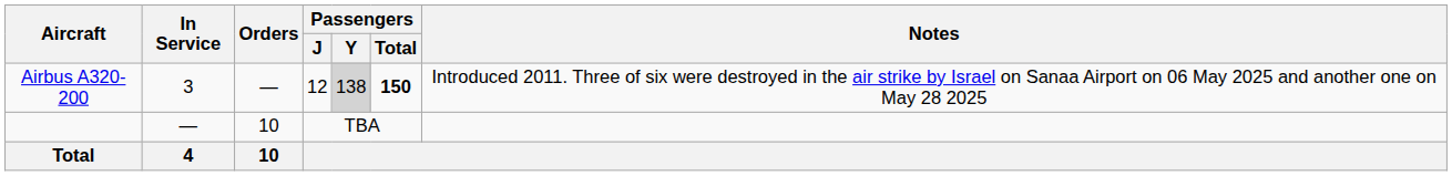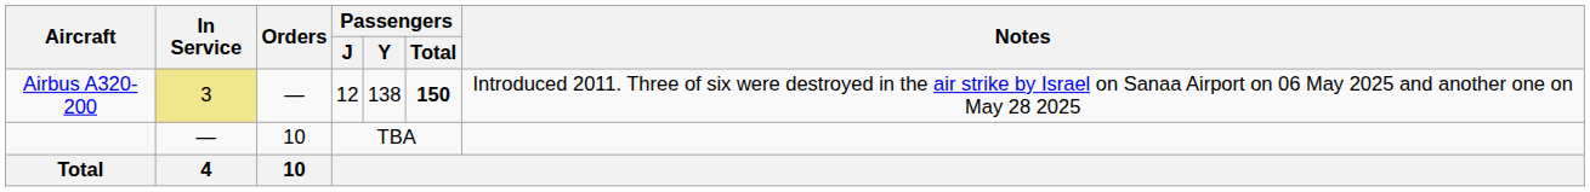 <table class="wikitable" style="border-collapse:collapse;text-align:center;margin:auto;">
 <tr>
 <th rowspan="2">Aircraft</th>
 <th rowspan="2">In Service</th>
 <th rowspan="2">Orders</th>
 <th colspan="3">Passengers</th>
 <th rowspan="2">Notes</th>
 </tr>
 <tr>
 <th><abbr>J</abbr></th>
 <th><abbr>Y</abbr></th>
 <th>Total</th>
 </tr>
 <tr>
 <td><a href='#'>Airbus A320-200</a></td>
-<td>3</td>
+<td style="background: khaki;">3</td>
 <td>—</td>
 <td>12</td>
-<td style="background: lightgrey;">138</td>
+<td>138</td>
 <td><strong>150</strong></td>
 <td>Introduced 2011.  Three of six were destroyed in the <a href='#'>air strike by Israel</a> on Sanaa Airport on 06 May 2025 and another one on May 28 2025</td>
 </tr>
 <tr>
 <td></td>
 <td>—</td>
 <td>10</td>
 <td colspan="3"><abbr>TBA</abbr></td>
 <td></td>
 </tr>
 <tr>
 <th>Total</th>
 <th>4</th>
 <th>10</th>
 <th colspan="4"></th>
 </tr>
 </table>
